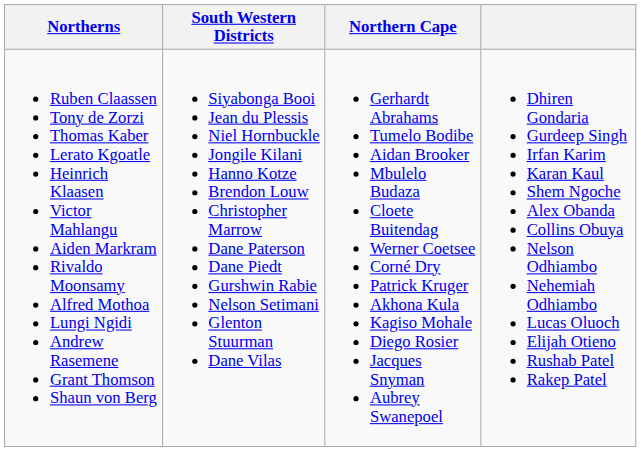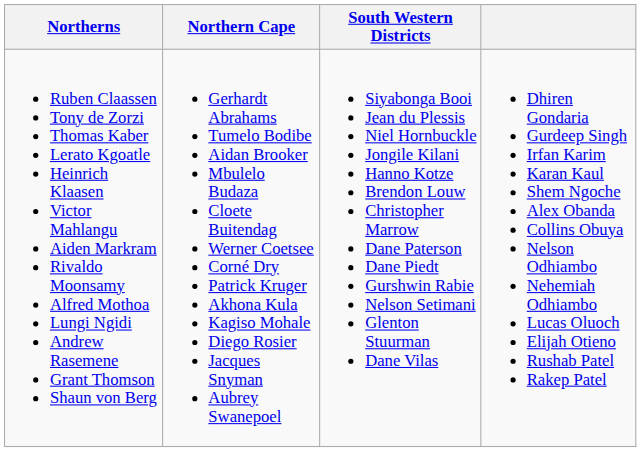 <table class="wikitable">
 <tr>
 <th width=330> <a href='#'>Northerns</a></th>
+<th width=330> <a href='#'>Northern Cape</a></th>
 <th width=330> <a href='#'>South Western Districts</a></th>
-<th width=330> <a href='#'>Northern Cape</a></th>
 <th width=330></th>
 </tr>
 <tr>
 <td valign=top><br><ul><li><a href='#'>Ruben Claassen</a></li><li><a href='#'>Tony de Zorzi</a></li><li><a href='#'>Thomas Kaber</a></li><li><a href='#'>Lerato Kgoatle</a></li><li><a href='#'>Heinrich Klaasen</a></li><li><a href='#'>Victor Mahlangu</a></li><li><a href='#'>Aiden Markram</a></li><li><a href='#'>Rivaldo Moonsamy</a></li><li><a href='#'>Alfred Mothoa</a></li><li><a href='#'>Lungi Ngidi</a></li><li><a href='#'>Andrew Rasemene</a></li><li><a href='#'>Grant Thomson</a></li><li><a href='#'>Shaun von Berg</a></li></ul></td>
+<td valign=top><br><ul><li><a href='#'>Gerhardt Abrahams</a></li><li><a href='#'>Tumelo Bodibe</a></li><li><a href='#'>Aidan Brooker</a></li><li><a href='#'>Mbulelo Budaza</a></li><li><a href='#'>Cloete Buitendag</a></li><li><a href='#'>Werner Coetsee</a></li><li><a href='#'>Corné Dry</a></li><li><a href='#'>Patrick Kruger</a></li><li><a href='#'>Akhona Kula</a></li><li><a href='#'>Kagiso Mohale</a></li><li><a href='#'>Diego Rosier</a></li><li><a href='#'>Jacques Snyman</a></li><li><a href='#'>Aubrey Swanepoel</a></li></ul></td>
 <td valign=top><br><ul><li><a href='#'>Siyabonga Booi</a></li><li><a href='#'>Jean du Plessis</a></li><li><a href='#'>Niel Hornbuckle</a></li><li><a href='#'>Jongile Kilani</a></li><li><a href='#'>Hanno Kotze</a></li><li><a href='#'>Brendon Louw</a></li><li><a href='#'>Christopher Marrow</a></li><li><a href='#'>Dane Paterson</a></li><li><a href='#'>Dane Piedt</a></li><li><a href='#'>Gurshwin Rabie</a></li><li><a href='#'>Nelson Setimani</a></li><li><a href='#'>Glenton Stuurman</a></li><li><a href='#'>Dane Vilas</a></li></ul></td>
-<td valign=top><br><ul><li><a href='#'>Gerhardt Abrahams</a></li><li><a href='#'>Tumelo Bodibe</a></li><li><a href='#'>Aidan Brooker</a></li><li><a href='#'>Mbulelo Budaza</a></li><li><a href='#'>Cloete Buitendag</a></li><li><a href='#'>Werner Coetsee</a></li><li><a href='#'>Corné Dry</a></li><li><a href='#'>Patrick Kruger</a></li><li><a href='#'>Akhona Kula</a></li><li><a href='#'>Kagiso Mohale</a></li><li><a href='#'>Diego Rosier</a></li><li><a href='#'>Jacques Snyman</a></li><li><a href='#'>Aubrey Swanepoel</a></li></ul></td>
 <td valign=top><br><ul><li><a href='#'>Dhiren Gondaria</a></li><li><a href='#'>Gurdeep Singh</a></li><li><a href='#'>Irfan Karim</a></li><li><a href='#'>Karan Kaul</a></li><li><a href='#'>Shem Ngoche</a></li><li><a href='#'>Alex Obanda</a></li><li><a href='#'>Collins Obuya</a></li><li><a href='#'>Nelson Odhiambo</a></li><li><a href='#'>Nehemiah Odhiambo</a></li><li><a href='#'>Lucas Oluoch</a></li><li><a href='#'>Elijah Otieno</a></li><li><a href='#'>Rushab Patel</a></li><li><a href='#'>Rakep Patel</a></li></ul></td>
 </tr>
 </table>
